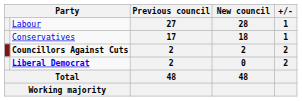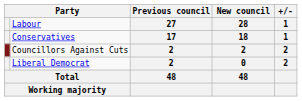 <table class="wikitable">
 <tr>
 <th valign=top colspan="2" style="width: 100px">Party</th>
 <th valign=top style="width: 126px">Previous council</th>
 <th valign=top style="width: 94px">New council</th>
 <th valign=top style="width: 30px">+/-</th>
 </tr>
 <tr>
 <th style="background-color: "></th>
 <td><a href='#'>Labour</a></td>
 <th align=center>27</th>
 <th align=center>28</th>
 <th align=center>1</th>
 </tr>
 <tr>
 <th style="background-color: "></th>
 <td><a href='#'>Conservatives</a></td>
 <th align=center>17</th>
 <th align=center>18</th>
 <th align=center>1</th>
 </tr>
 <tr>
 <th style="background-color: #7E1415; width: 3px;"></th>
-<td><strong>Councillors Against Cuts</strong></td>
+<td>Councillors Against Cuts</td>
 <th align=center>2</th>
 <th align=center>2</th>
 <th align=center>2</th>
 </tr>
 <tr>
 <th style="background-color: "></th>
-<td><strong><a href='#'>Liberal Democrat</a></strong></td>
+<td><a href='#'>Liberal Democrat</a></td>
 <th align=center>2</th>
 <th align=center>0</th>
 <th align=center>2</th>
 </tr>
 <tr>
 <th colspan=2>Total</th>
 <th style="text-align: center">48</th>
 <th style="text-align: center">48</th>
 <th></th>
 </tr>
 <tr>
 <th colspan=2>Working majority</th>
 <th></th>
 <th></th>
 <th></th>
 </tr>
 </table>
